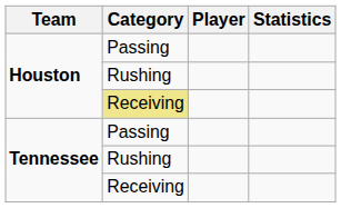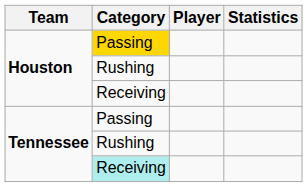 <table class="wikitable" style="float: right;">
 <tr>
 <th>Team</th>
 <th>Category</th>
 <th>Player</th>
 <th>Statistics</th>
 </tr>
 <tr>
 <td rowspan=3><strong>Houston</strong></td>
-<td>Passing</td>
+<td style="background: gold;">Passing</td>
 <td></td>
 <td></td>
 </tr>
 <tr>
 <td>Rushing</td>
 <td></td>
 <td></td>
 </tr>
 <tr>
-<td style="background: khaki;">Receiving</td>
+<td>Receiving</td>
 <td></td>
 <td></td>
 </tr>
 <tr>
 <td rowspan=3><strong>Tennessee</strong></td>
 <td>Passing</td>
 <td></td>
 <td></td>
 </tr>
 <tr>
 <td>Rushing</td>
 <td></td>
 <td></td>
 </tr>
 <tr>
-<td>Receiving</td>
+<td style="background: paleturquoise;">Receiving</td>
 <td></td>
 <td></td>
 </tr>
 </table>
